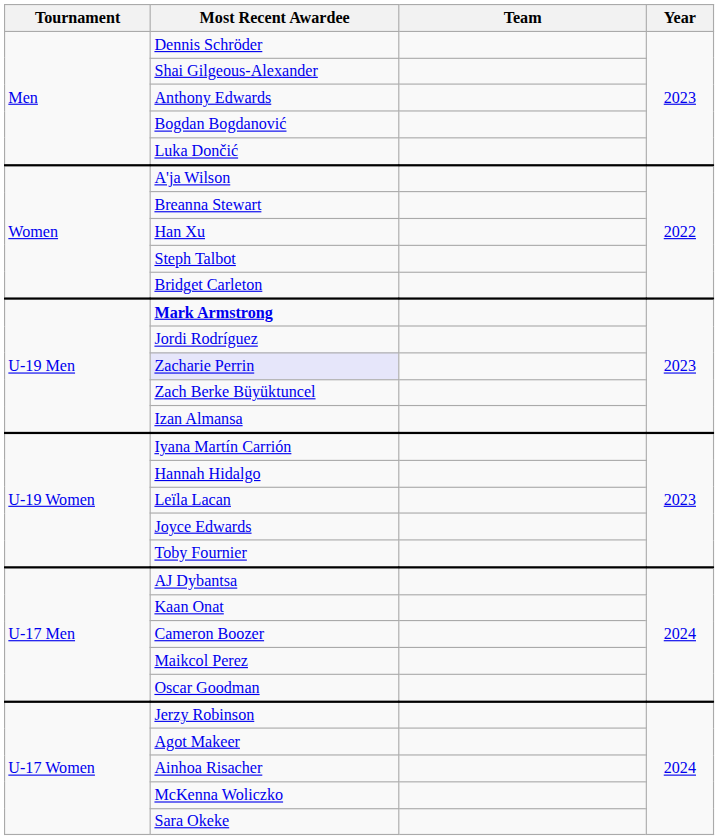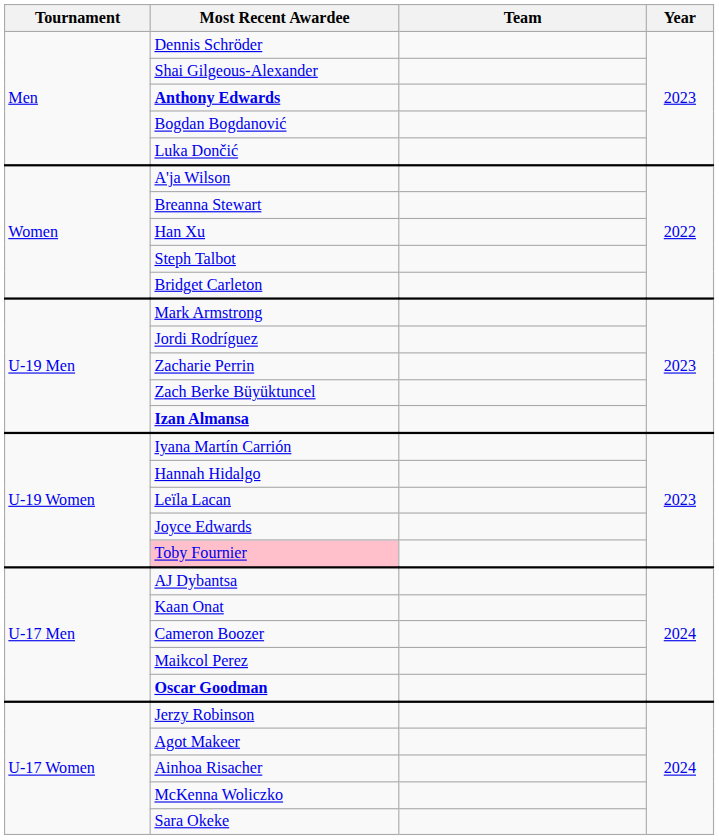 <table class="wikitable" style="width: 40%; font-size:90%">
 <tr>
 <th width=10%>Tournament</th>
 <th width=20%>Most Recent Awardee</th>
 <th width=20%>Team</th>
 <th width=5%>Year</th>
 </tr>
 <tr>
 <td rowspan=5><a href='#'>Men</a></td>
 <td><a href='#'>Dennis Schröder</a></td>
 <td></td>
 <td rowspan=5; align=center><a href='#'>2023</a></td>
 </tr>
 <tr>
 <td><a href='#'>Shai Gilgeous-Alexander</a></td>
 <td></td>
 </tr>
 <tr>
-<td><a href='#'>Anthony Edwards</a></td>
+<td><strong><a href='#'>Anthony Edwards</a></strong></td>
 <td></td>
 </tr>
 <tr>
 <td><a href='#'>Bogdan Bogdanović</a></td>
 <td></td>
 </tr>
 <tr>
 <td><a href='#'>Luka Dončić</a></td>
 <td></td>
 </tr>
 <tr style = "border-top:2px solid black;">
 <td rowspan=5><a href='#'>Women</a></td>
 <td><a href='#'>A'ja Wilson</a></td>
 <td></td>
 <td rowspan=5; align=center><a href='#'>2022</a></td>
 </tr>
 <tr>
 <td><a href='#'>Breanna Stewart</a></td>
 <td></td>
 </tr>
 <tr>
 <td><a href='#'>Han Xu</a></td>
 <td></td>
 </tr>
 <tr>
 <td><a href='#'>Steph Talbot</a></td>
 <td></td>
 </tr>
 <tr>
 <td><a href='#'>Bridget Carleton</a></td>
 <td></td>
 </tr>
 <tr style = "border-top:2px solid black;">
 <td rowspan=5><a href='#'>U-19 Men</a></td>
-<td><strong><a href='#'>Mark Armstrong</a></strong></td>
+<td><a href='#'>Mark Armstrong</a></td>
 <td></td>
 <td rowspan=5; align=center><a href='#'>2023</a></td>
 </tr>
 <tr>
 <td><a href='#'>Jordi Rodríguez</a></td>
 <td></td>
 </tr>
 <tr>
-<td style="background: lavender;"><a href='#'>Zacharie Perrin</a></td>
+<td><a href='#'>Zacharie Perrin</a></td>
 <td></td>
 </tr>
 <tr>
 <td><a href='#'>Zach Berke Büyüktuncel</a></td>
 <td></td>
 </tr>
 <tr>
-<td><a href='#'>Izan Almansa</a></td>
+<td><strong><a href='#'>Izan Almansa</a></strong></td>
 <td></td>
 </tr>
 <tr style = "border-top:2px solid black;">
 <td rowspan=5><a href='#'>U-19 Women</a></td>
 <td><a href='#'>Iyana Martín Carrión</a></td>
 <td></td>
 <td rowspan=5; align=center><a href='#'>2023</a></td>
 </tr>
 <tr>
 <td><a href='#'>Hannah Hidalgo</a></td>
 <td></td>
 </tr>
 <tr>
 <td><a href='#'>Leïla Lacan</a></td>
 <td></td>
 </tr>
 <tr>
 <td><a href='#'>Joyce Edwards</a></td>
 <td></td>
 </tr>
 <tr>
-<td><a href='#'>Toby Fournier</a></td>
+<td style="background: pink;"><a href='#'>Toby Fournier</a></td>
 <td></td>
 </tr>
 <tr style = "border-top:2px solid black;">
 <td rowspan=5><a href='#'>U-17 Men</a></td>
 <td><a href='#'>AJ Dybantsa</a></td>
 <td></td>
 <td rowspan=5; align=center><a href='#'>2024</a></td>
 </tr>
 <tr>
 <td><a href='#'>Kaan Onat</a></td>
 <td></td>
 </tr>
 <tr>
 <td><a href='#'>Cameron Boozer</a></td>
 <td></td>
 </tr>
 <tr>
 <td><a href='#'>Maikcol Perez</a></td>
 <td></td>
 </tr>
 <tr>
-<td><a href='#'>Oscar Goodman</a></td>
+<td><strong><a href='#'>Oscar Goodman</a></strong></td>
 <td></td>
 </tr>
 <tr style = "border-top:2px solid black;">
 <td rowspan=5><a href='#'>U-17 Women</a></td>
 <td><a href='#'>Jerzy Robinson</a></td>
 <td></td>
 <td rowspan=5; align=center><a href='#'>2024</a></td>
 </tr>
 <tr>
 <td><a href='#'>Agot Makeer</a></td>
 <td></td>
 </tr>
 <tr>
 <td><a href='#'>Ainhoa Risacher</a></td>
 <td></td>
 </tr>
 <tr>
 <td><a href='#'>McKenna Woliczko</a></td>
 <td></td>
 </tr>
 <tr>
 <td><a href='#'>Sara Okeke</a></td>
 <td></td>
 </tr>
 </table>
